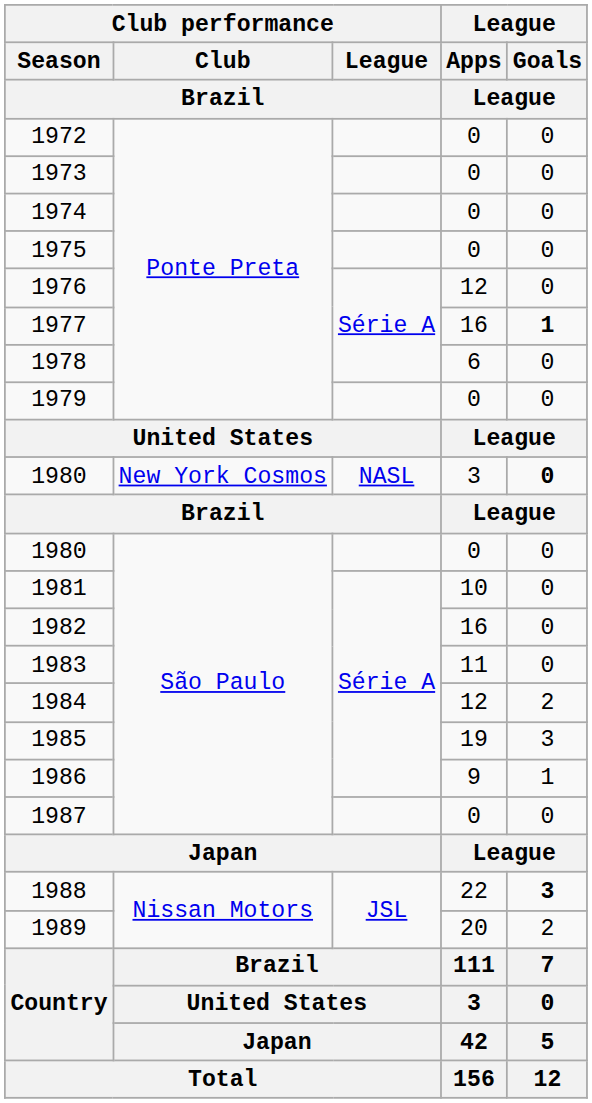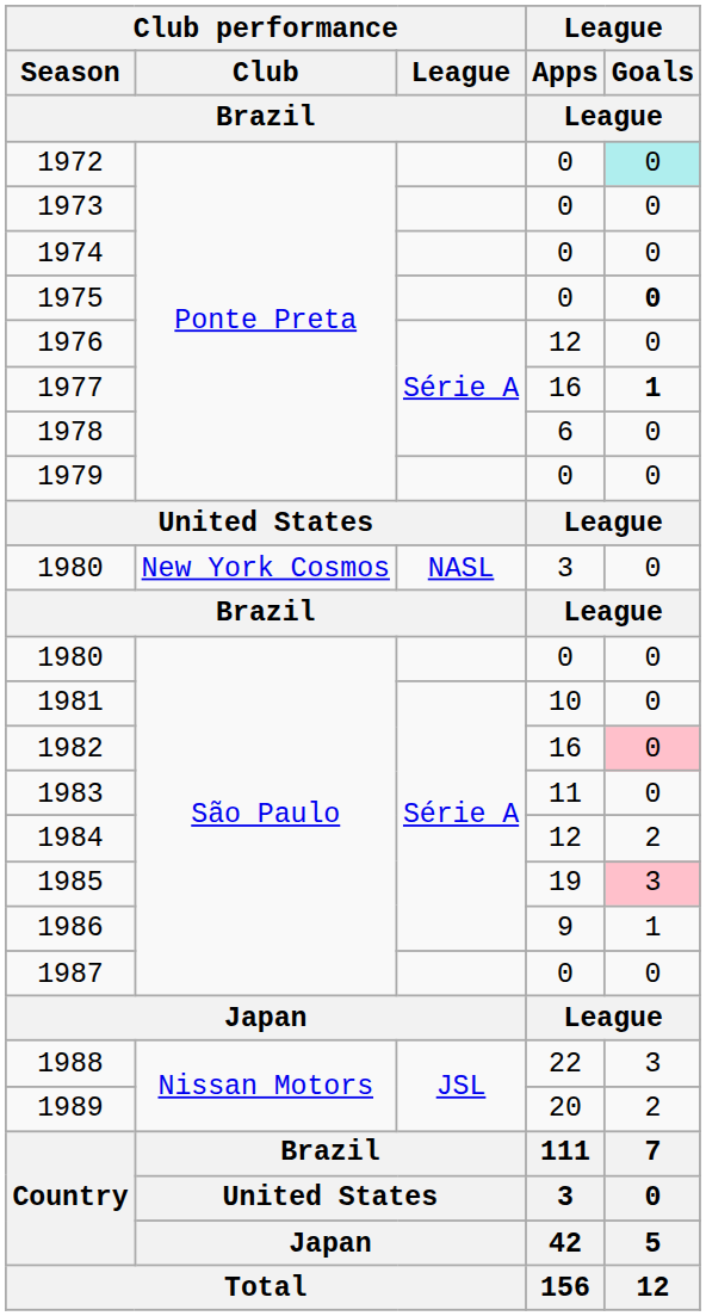 <table class="wikitable" style="text-align:center;">
 <tr>
 <th colspan=3>Club performance</th>
 <th colspan=2>League</th>
 </tr>
 <tr>
 <th>Season</th>
 <th>Club</th>
 <th>League</th>
 <th>Apps</th>
 <th>Goals</th>
 </tr>
 <tr>
 <th colspan=3>Brazil</th>
 <th colspan=2>League</th>
 </tr>
 <tr>
 <td>1972</td>
 <td rowspan="8"><a href='#'>Ponte Preta</a></td>
 <td></td>
 <td>0</td>
-<td>0</td>
+<td style="background: paleturquoise;">0</td>
 </tr>
 <tr>
 <td>1973</td>
 <td></td>
 <td>0</td>
 <td>0</td>
 </tr>
 <tr>
 <td>1974</td>
 <td></td>
 <td>0</td>
 <td>0</td>
 </tr>
 <tr>
 <td>1975</td>
 <td></td>
 <td>0</td>
-<td>0</td>
+<td><strong>0</strong></td>
 </tr>
 <tr>
 <td>1976</td>
 <td rowspan="3"><a href='#'>Série A</a></td>
 <td>12</td>
 <td>0</td>
 </tr>
 <tr>
 <td>1977</td>
 <td>16</td>
 <td><strong>1</strong></td>
 </tr>
 <tr>
 <td>1978</td>
 <td>6</td>
 <td>0</td>
 </tr>
 <tr>
 <td>1979</td>
 <td></td>
 <td>0</td>
 <td>0</td>
 </tr>
 <tr>
 <th colspan=3>United States</th>
 <th colspan=2>League</th>
 </tr>
 <tr>
 <td>1980</td>
 <td><a href='#'>New York Cosmos</a></td>
 <td><a href='#'>NASL</a></td>
 <td>3</td>
-<td><strong>0</strong></td>
+<td>0</td>
 </tr>
 <tr>
 <th colspan=3>Brazil</th>
 <th colspan=2>League</th>
 </tr>
 <tr>
 <td>1980</td>
 <td rowspan="8"><a href='#'>São Paulo</a></td>
 <td></td>
 <td>0</td>
 <td>0</td>
 </tr>
 <tr>
 <td>1981</td>
 <td rowspan="6"><a href='#'>Série A</a></td>
 <td>10</td>
 <td>0</td>
 </tr>
 <tr>
 <td>1982</td>
 <td>16</td>
-<td>0</td>
+<td style="background: pink;">0</td>
 </tr>
 <tr>
 <td>1983</td>
 <td>11</td>
 <td>0</td>
 </tr>
 <tr>
 <td>1984</td>
 <td>12</td>
 <td>2</td>
 </tr>
 <tr>
 <td>1985</td>
 <td>19</td>
-<td>3</td>
+<td style="background: pink;">3</td>
 </tr>
 <tr>
 <td>1986</td>
 <td>9</td>
 <td>1</td>
 </tr>
 <tr>
 <td>1987</td>
 <td></td>
 <td>0</td>
 <td>0</td>
 </tr>
 <tr>
 <th colspan=3>Japan</th>
 <th colspan=2>League</th>
 </tr>
 <tr>
 <td>1988</td>
 <td rowspan="2"><a href='#'>Nissan Motors</a></td>
 <td rowspan="2"><a href='#'>JSL</a></td>
 <td>22</td>
-<td><strong>3</strong></td>
+<td>3</td>
 </tr>
 <tr>
 <td>1989</td>
 <td>20</td>
 <td>2</td>
 </tr>
 <tr>
 <th rowspan=3>Country</th>
 <th colspan=2>Brazil</th>
 <th>111</th>
 <th>7</th>
 </tr>
 <tr>
 <th colspan=2>United States</th>
 <th>3</th>
 <th>0</th>
 </tr>
 <tr>
 <th colspan=2>Japan</th>
 <th>42</th>
 <th>5</th>
 </tr>
 <tr>
 <th colspan=3>Total</th>
 <th>156</th>
 <th>12</th>
 </tr>
 </table>
